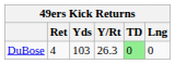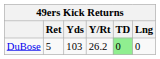 <table class="wikitable">
 <tr>
 <th colspan="6">49ers Kick Returns</th>
 </tr>
 <tr>
 <th></th>
 <th>Ret</th>
 <th>Yds</th>
 <th>Y/Rt</th>
 <th>TD</th>
 <th>Lng</th>
 </tr>
 <tr>
 <td><a href='#'>DuBose</a></td>
-<td>4</td>
+<td>5</td>
 <td>103</td>
-<td>26.3</td>
+<td>26.2</td>
 <td style="background: lightgreen;">0</td>
 <td>0</td>
 </tr>
 </table>
